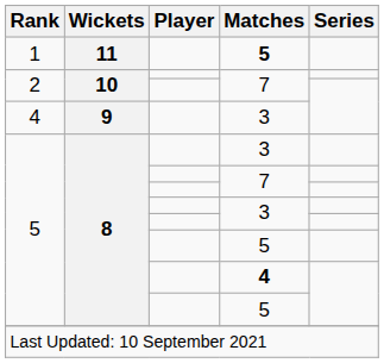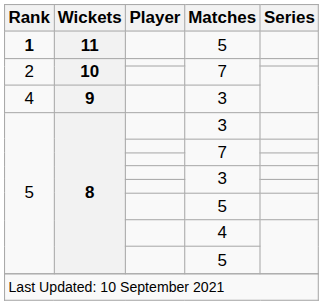 <table class="wikitable plainrowheaders sortable">
 <tr>
 <th scope=col>Rank</th>
 <th scope=col>Wickets</th>
 <th scope=col>Player</th>
 <th scope=col>Matches</th>
 <th scope=col>Series</th>
 </tr>
 <tr>
-<td align=center>1</td>
+<td align=center><strong>1</strong></td>
 <th scope=row style=text-align:center;>11</th>
 <td></td>
-<td align=center><strong>5</strong></td>
+<td align=center>5</td>
 <td></td>
 </tr>
 <tr>
 <td align=center rowspan=2>2</td>
 <th scope=row style=text-align:center; rowspan=2>10</th>
 <td></td>
 <td align=center rowspan=2>7</td>
 <td></td>
 </tr>
 <tr>
 <td> </td>
 <td rowspan=2></td>
 </tr>
 <tr>
 <td align=center>4</td>
 <th scope=row style=text-align:center;>9</th>
 <td> </td>
 <td align=center>3</td>
 </tr>
 <tr>
 <td align=center rowspan=8>5</td>
 <th scope=row style=text-align:center; rowspan=8>8</th>
 <td></td>
 <td align=center>3</td>
 <td></td>
 </tr>
 <tr>
 <td> </td>
 <td align=center rowspan=2>7</td>
 <td></td>
 </tr>
 <tr>
 <td></td>
 <td></td>
 </tr>
 <tr>
 <td> </td>
 <td align=center rowspan=2>3</td>
 <td></td>
 </tr>
 <tr>
 <td> </td>
 <td></td>
 </tr>
 <tr>
 <td> </td>
 <td align=center>5</td>
 <td></td>
 </tr>
 <tr>
 <td> </td>
-<td align=center><strong>4</strong></td>
+<td align=center>4</td>
 <td rowspan=2></td>
 </tr>
 <tr>
 <td> </td>
 <td align=center>5</td>
 </tr>
 <tr>
 </tr>
 <tr class=sortbottom>
 <td colspan=5><small>Last Updated: 10 September 2021</small></td>
 </tr>
 </table>
